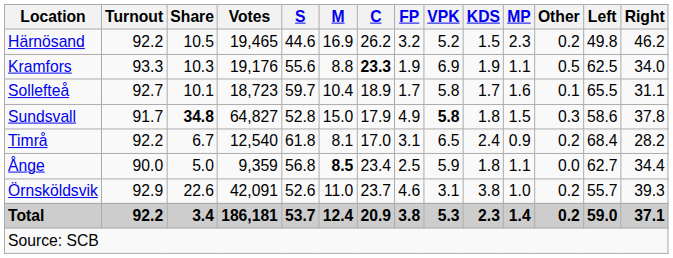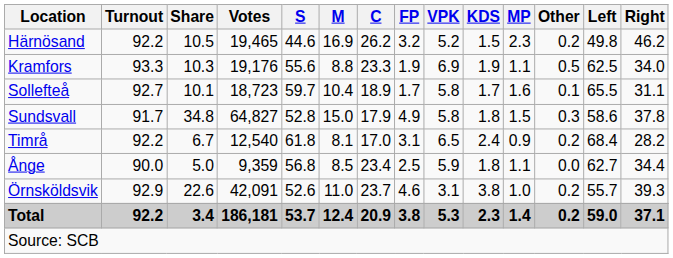 <table class="wikitable sortable" style=text-align:right>
 <tr>
 <th>Location</th>
 <th>Turnout</th>
 <th>Share</th>
 <th>Votes</th>
 <th><a href='#'>S</a></th>
 <th><a href='#'>M</a></th>
 <th><a href='#'>C</a></th>
 <th><a href='#'>FP</a></th>
 <th><a href='#'>VPK</a></th>
 <th><a href='#'>KDS</a></th>
 <th><a href='#'>MP</a></th>
 <th>Other</th>
 <th>Left</th>
 <th>Right</th>
 </tr>
 <tr>
 <td align=left><a href='#'>Härnösand</a></td>
 <td>92.2</td>
 <td>10.5</td>
 <td>19,465</td>
 <td>44.6</td>
 <td>16.9</td>
 <td>26.2</td>
 <td>3.2</td>
 <td>5.2</td>
 <td>1.5</td>
 <td>2.3</td>
 <td>0.2</td>
 <td>49.8</td>
 <td>46.2</td>
 </tr>
 <tr>
 <td align=left><a href='#'>Kramfors</a></td>
 <td>93.3</td>
 <td>10.3</td>
 <td>19,176</td>
 <td>55.6</td>
 <td>8.8</td>
-<td><strong>23.3</strong></td>
+<td>23.3</td>
 <td>1.9</td>
 <td>6.9</td>
 <td>1.9</td>
 <td>1.1</td>
 <td>0.5</td>
 <td>62.5</td>
 <td>34.0</td>
 </tr>
 <tr>
 <td align=left><a href='#'>Sollefteå</a></td>
 <td>92.7</td>
 <td>10.1</td>
 <td>18,723</td>
 <td>59.7</td>
 <td>10.4</td>
 <td>18.9</td>
 <td>1.7</td>
 <td>5.8</td>
 <td>1.7</td>
 <td>1.6</td>
 <td>0.1</td>
 <td>65.5</td>
 <td>31.1</td>
 </tr>
 <tr>
 <td align=left><a href='#'>Sundsvall</a></td>
 <td>91.7</td>
-<td><strong>34.8</strong></td>
+<td>34.8</td>
 <td>64,827</td>
 <td>52.8</td>
 <td>15.0</td>
 <td>17.9</td>
 <td>4.9</td>
-<td><strong>5.8</strong></td>
+<td>5.8</td>
 <td>1.8</td>
 <td>1.5</td>
 <td>0.3</td>
 <td>58.6</td>
 <td>37.8</td>
 </tr>
 <tr>
 <td align=left><a href='#'>Timrå</a></td>
 <td>92.2</td>
 <td>6.7</td>
 <td>12,540</td>
 <td>61.8</td>
 <td>8.1</td>
 <td>17.0</td>
 <td>3.1</td>
 <td>6.5</td>
 <td>2.4</td>
 <td>0.9</td>
 <td>0.2</td>
 <td>68.4</td>
 <td>28.2</td>
 </tr>
 <tr>
 <td align=left><a href='#'>Ånge</a></td>
 <td>90.0</td>
 <td>5.0</td>
 <td>9,359</td>
 <td>56.8</td>
-<td><strong>8.5</strong></td>
+<td>8.5</td>
 <td>23.4</td>
 <td>2.5</td>
 <td>5.9</td>
 <td>1.8</td>
 <td>1.1</td>
 <td>0.0</td>
 <td>62.7</td>
 <td>34.4</td>
 </tr>
 <tr>
 <td align=left><a href='#'>Örnsköldsvik</a></td>
 <td>92.9</td>
 <td>22.6</td>
 <td>42,091</td>
 <td>52.6</td>
 <td>11.0</td>
 <td>23.7</td>
 <td>4.6</td>
 <td>3.1</td>
 <td>3.8</td>
 <td>1.0</td>
 <td>0.2</td>
 <td>55.7</td>
 <td>39.3</td>
 </tr>
 <tr>
 </tr>
 <tr style="background:#CDCDCD;">
 <td align=left><strong>Total</strong></td>
 <td><strong>92.2</strong></td>
 <td><strong>3.4</strong></td>
 <td><strong>186,181</strong></td>
 <td><strong>53.7</strong></td>
 <td><strong>12.4</strong></td>
 <td><strong>20.9</strong></td>
 <td><strong>3.8</strong></td>
 <td><strong>5.3</strong></td>
 <td><strong>2.3</strong></td>
 <td><strong>1.4</strong></td>
 <td><strong>0.2</strong></td>
 <td><strong>59.0</strong></td>
 <td><strong>37.1</strong></td>
 </tr>
 <tr>
 <td align=left colspan=14>Source: SCB </td>
 </tr>
 </table>
